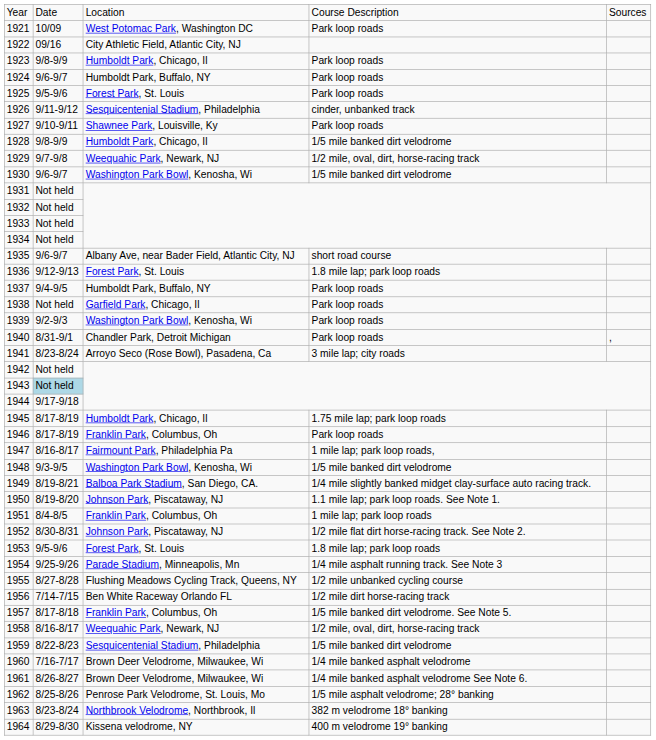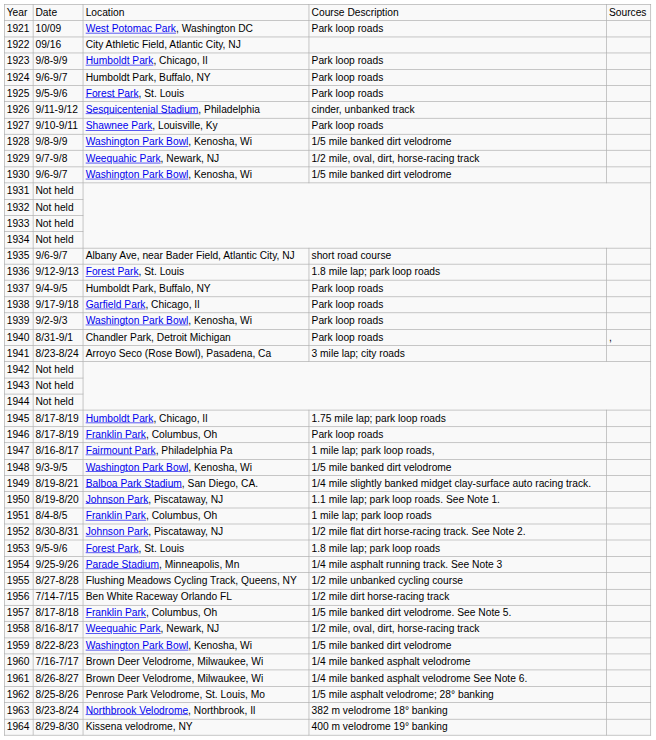 <table class="wikitable" style="width: 80%; text-align:left;">
 <tr>
 <td>Year</td>
 <td>Date</td>
 <td>Location</td>
 <td>Course Description</td>
 <td>Sources</td>
 </tr>
 <tr>
 <td>1921</td>
 <td>10/09</td>
 <td><a href='#'>West Potomac Park</a>, Washington DC</td>
 <td>Park loop roads</td>
 <td></td>
 </tr>
 <tr>
 <td>1922</td>
 <td>09/16</td>
 <td>City Athletic Field, Atlantic City, NJ</td>
 <td></td>
 <td></td>
 </tr>
 <tr>
 <td>1923</td>
 <td>9/8-9/9</td>
 <td><a href='#'>Humboldt Park</a>, Chicago, Il</td>
 <td>Park loop roads</td>
 <td></td>
 </tr>
 <tr>
 <td>1924</td>
 <td>9/6-9/7</td>
 <td>Humboldt Park, Buffalo, NY</td>
 <td>Park loop roads</td>
 <td></td>
 </tr>
 <tr>
 <td>1925</td>
 <td>9/5-9/6</td>
 <td><a href='#'>Forest Park</a>, St. Louis</td>
 <td>Park loop roads</td>
 <td></td>
 </tr>
 <tr>
 <td>1926</td>
 <td>9/11-9/12</td>
 <td><a href='#'>Sesquicentenial Stadium</a>, Philadelphia</td>
 <td>cinder, unbanked track</td>
 <td><br></td>
 </tr>
 <tr>
 <td>1927</td>
 <td>9/10-9/11</td>
 <td><a href='#'>Shawnee Park</a>, Louisville, Ky</td>
 <td>Park loop roads</td>
 <td><br></td>
 </tr>
 <tr>
 <td>1928</td>
 <td>9/8-9/9</td>
-<td><a href='#'>Humboldt Park</a>, Chicago, Il</td>
+<td><a href='#'>Washington Park Bowl</a>, Kenosha, Wi</td>
 <td>1/5 mile banked dirt velodrome</td>
 <td></td>
 </tr>
 <tr>
 <td>1929</td>
 <td>9/7-9/8</td>
 <td><a href='#'>Weequahic Park</a>, Newark, NJ</td>
 <td>1/2 mile, oval, dirt, horse-racing track</td>
 <td></td>
 </tr>
 <tr>
 <td>1930</td>
 <td>9/6-9/7</td>
 <td><a href='#'>Washington Park Bowl</a>, Kenosha, Wi</td>
 <td>1/5 mile banked dirt velodrome</td>
 <td></td>
 </tr>
 <tr>
 <td>1931</td>
 <td>Not held</td>
 </tr>
 <tr>
 <td>1932</td>
 <td>Not held</td>
 </tr>
 <tr>
 <td>1933</td>
 <td>Not held</td>
 </tr>
 <tr>
 <td>1934</td>
 <td>Not held</td>
 </tr>
 <tr>
 <td>1935</td>
 <td>9/6-9/7</td>
 <td>Albany Ave, near Bader Field, Atlantic City, NJ</td>
 <td>short road course</td>
 <td><br></td>
 </tr>
 <tr>
 <td>1936</td>
 <td>9/12-9/13</td>
 <td><a href='#'>Forest Park</a>, St. Louis</td>
 <td>1.8 mile lap; park loop roads</td>
 <td><br> </td>
 </tr>
 <tr>
 <td>1937</td>
 <td>9/4-9/5</td>
 <td>Humboldt Park, Buffalo, NY</td>
 <td>Park loop roads</td>
 <td><br></td>
 </tr>
 <tr>
 <td>1938</td>
-<td>Not held</td>
+<td>9/17-9/18</td>
 <td><a href='#'>Garfield Park</a>, Chicago, Il</td>
 <td>Park loop roads</td>
 <td></td>
 </tr>
 <tr>
 <td>1939</td>
 <td>9/2-9/3</td>
 <td><a href='#'>Washington Park Bowl</a>, Kenosha, Wi</td>
 <td>Park loop roads</td>
 <td></td>
 </tr>
 <tr>
 <td>1940</td>
 <td>8/31-9/1</td>
 <td>Chandler Park, Detroit Michigan</td>
 <td>Park loop roads</td>
 <td>,<br></td>
 </tr>
 <tr>
 <td>1941</td>
 <td>8/23-8/24</td>
 <td>Arroyo Seco (Rose Bowl), Pasadena, Ca</td>
 <td>3 mile lap; city roads</td>
 <td><br>  </td>
 </tr>
 <tr>
 <td>1942</td>
 <td>Not held</td>
 </tr>
 <tr>
 <td>1943</td>
-<td style="background: lightblue;">Not held</td>
+<td>Not held</td>
 </tr>
 <tr>
 <td>1944</td>
-<td>9/17-9/18</td>
+<td>Not held</td>
 </tr>
 <tr>
 <td>1945</td>
 <td>8/17-8/19</td>
 <td><a href='#'>Humboldt Park</a>, Chicago, Il</td>
 <td>1.75 mile lap; park loop roads</td>
 <td><br>  </td>
 </tr>
 <tr>
 <td>1946</td>
 <td>8/17-8/19</td>
 <td><a href='#'>Franklin Park</a>, Columbus, Oh</td>
 <td>Park loop roads</td>
 <td></td>
 </tr>
 <tr>
 <td>1947</td>
 <td>8/16-8/17</td>
 <td><a href='#'>Fairmount Park</a>, Philadelphia Pa</td>
 <td>1 mile lap; park loop roads,</td>
 <td><br> </td>
 </tr>
 <tr>
 <td>1948</td>
 <td>9/3-9/5</td>
 <td><a href='#'>Washington Park Bowl</a>, Kenosha, Wi</td>
 <td>1/5 mile banked dirt velodrome</td>
 <td></td>
 </tr>
 <tr>
 <td>1949</td>
 <td>8/19-8/21</td>
 <td><a href='#'>Balboa Park Stadium</a>, San Diego, CA.</td>
 <td>1/4 mile slightly banked midget clay-surface auto racing track.</td>
 <td></td>
 </tr>
 <tr>
 <td>1950</td>
 <td>8/19-8/20</td>
 <td><a href='#'>Johnson Park</a>, Piscataway, NJ</td>
 <td>1.1 mile lap; park loop roads. See Note 1.</td>
 <td><br> </td>
 </tr>
 <tr>
 <td>1951</td>
 <td>8/4-8/5</td>
 <td><a href='#'>Franklin Park</a>, Columbus, Oh</td>
 <td>1 mile lap; park loop roads</td>
 <td><br></td>
 </tr>
 <tr>
 <td>1952</td>
 <td>8/30-8/31</td>
 <td><a href='#'>Johnson Park</a>, Piscataway, NJ</td>
 <td>1/2 mile flat dirt horse-racing track. See Note 2.</td>
 <td><br></td>
 </tr>
 <tr>
 <td>1953</td>
 <td>9/5-9/6</td>
 <td><a href='#'>Forest Park</a>, St. Louis</td>
 <td>1.8 mile lap; park loop roads</td>
 <td><br></td>
 </tr>
 <tr>
 <td>1954</td>
 <td>9/25-9/26</td>
 <td><a href='#'>Parade Stadium</a>, Minneapolis, Mn</td>
 <td>1/4 mile asphalt running track. See Note 3</td>
 <td><br>  </td>
 </tr>
 <tr>
 <td>1955</td>
 <td>8/27-8/28</td>
 <td>Flushing Meadows Cycling Track, Queens, NY</td>
 <td>1/2 mile unbanked cycling course</td>
 <td></td>
 </tr>
 <tr>
 <td>1956</td>
 <td>7/14-7/15</td>
 <td>Ben White Raceway Orlando FL</td>
 <td>1/2 mile dirt horse-racing track</td>
 <td><br>  </td>
 </tr>
 <tr>
 <td>1957</td>
 <td>8/17-8/18</td>
 <td><a href='#'>Franklin Park</a>, Columbus, Oh</td>
 <td>1/5 mile banked dirt velodrome. See Note 5.</td>
 <td></td>
 </tr>
 <tr>
 <td>1958</td>
 <td>8/16-8/17</td>
 <td><a href='#'>Weequahic Park</a>, Newark, NJ</td>
 <td>1/2 mile, oval, dirt, horse-racing track</td>
 <td></td>
 </tr>
 <tr>
 <td>1959</td>
 <td>8/22-8/23</td>
-<td><a href='#'>Sesquicentenial Stadium</a>, Philadelphia</td>
+<td><a href='#'>Washington Park Bowl</a>, Kenosha, Wi</td>
 <td>1/5 mile banked dirt velodrome</td>
 <td></td>
 </tr>
 <tr>
 <td>1960</td>
 <td>7/16-7/17</td>
 <td>Brown Deer Velodrome, Milwaukee, Wi</td>
 <td>1/4 mile banked asphalt velodrome</td>
 <td></td>
 </tr>
 <tr>
 <td>1961</td>
 <td>8/26-8/27</td>
 <td>Brown Deer Velodrome, Milwaukee, Wi</td>
 <td>1/4 mile banked asphalt velodrome	See Note 6.</td>
 <td></td>
 </tr>
 <tr>
 <td>1962</td>
 <td>8/25-8/26</td>
 <td>Penrose Park Velodrome, St. Louis, Mo</td>
 <td>1/5 mile asphalt velodrome; 28°  banking</td>
 <td></td>
 </tr>
 <tr>
 <td>1963</td>
 <td>8/23-8/24</td>
 <td><a href='#'>Northbrook Velodrome</a>, Northbrook, Il</td>
 <td>382 m velodrome 18° banking</td>
 <td></td>
 </tr>
 <tr>
 <td>1964</td>
 <td>8/29-8/30</td>
 <td>Kissena velodrome, NY</td>
 <td>400 m velodrome 19° banking</td>
 <td><br></td>
 </tr>
 </table>
